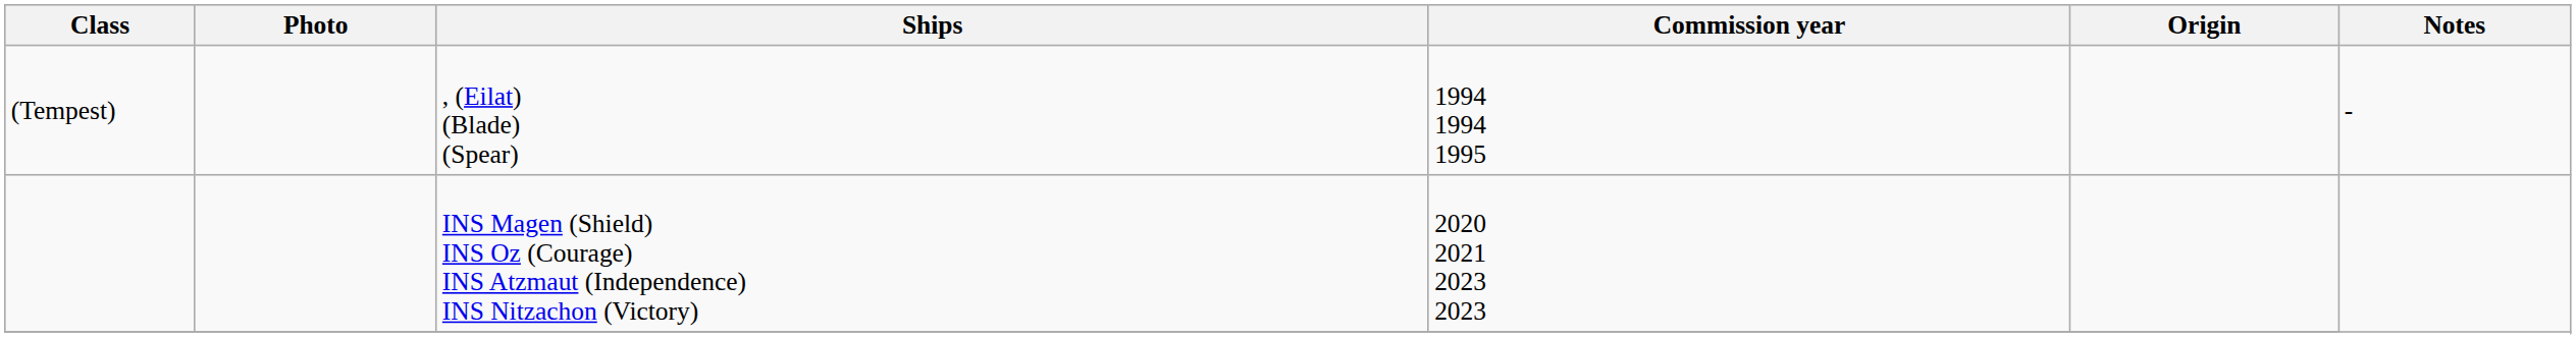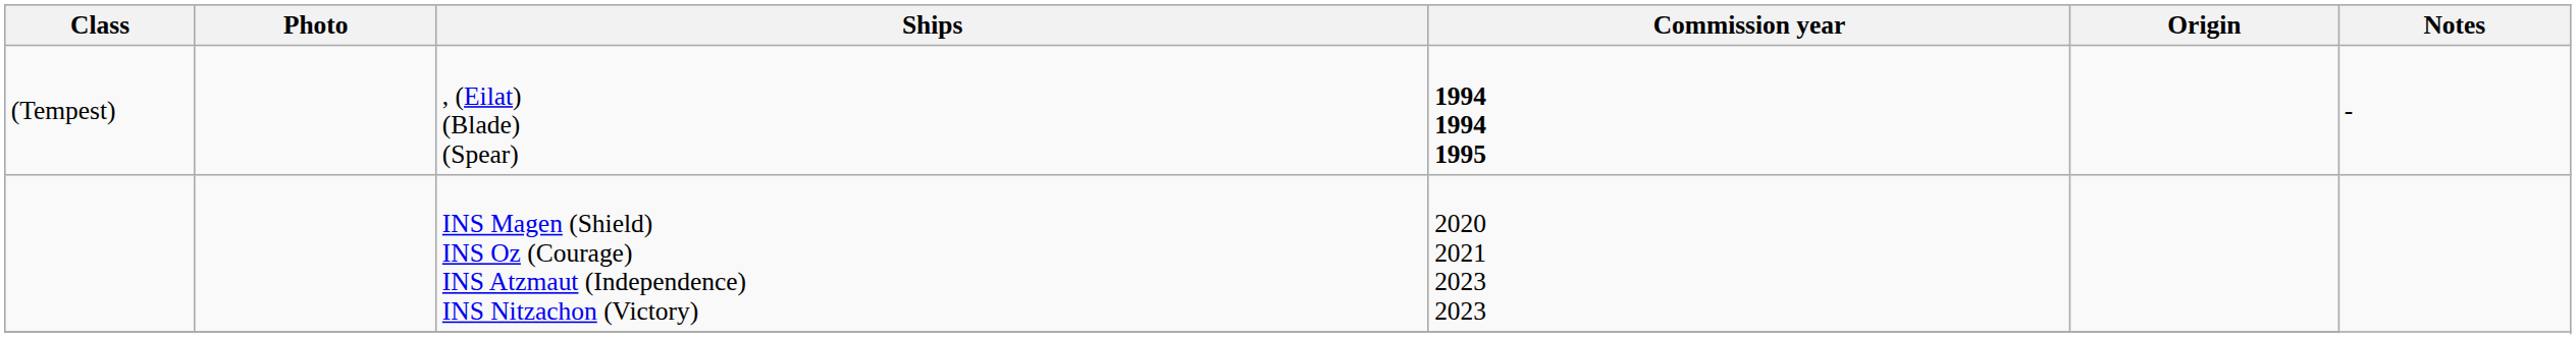 <table class="wikitable" style="margin:auto; width:100%;">
 <tr>
 <th width="110">Class</th>
 <th>Photo</th>
 <th>Ships</th>
 <th>Commission year</th>
 <th>Origin</th>
 <th>Notes</th>
 </tr>
 <tr>
 <td>  (Tempest)</td>
 <td></td>
 <td><br>,  (<a href='#'>Eilat</a>)<br>   (Blade)<br>   (Spear)</td>
-<td><br>1994<br> 1994<br> 1995</td>
+<td><strong><br>1994<br> 1994<br> 1995</strong></td>
 <td></td>
 <td>-</td>
 </tr>
 <tr>
 <td></td>
 <td></td>
 <td><br><a href='#'>INS Magen</a>  (Shield)<br> <a href='#'>INS Oz</a> (Courage)<br> <a href='#'>INS Atzmaut</a> (Independence)<br> <a href='#'>INS Nitzachon</a> (Victory)</td>
 <td><br>2020<br> 2021<br> 2023<br> 2023</td>
 <td></td>
 </tr>
 <tr>
 </tr>
 </table>
